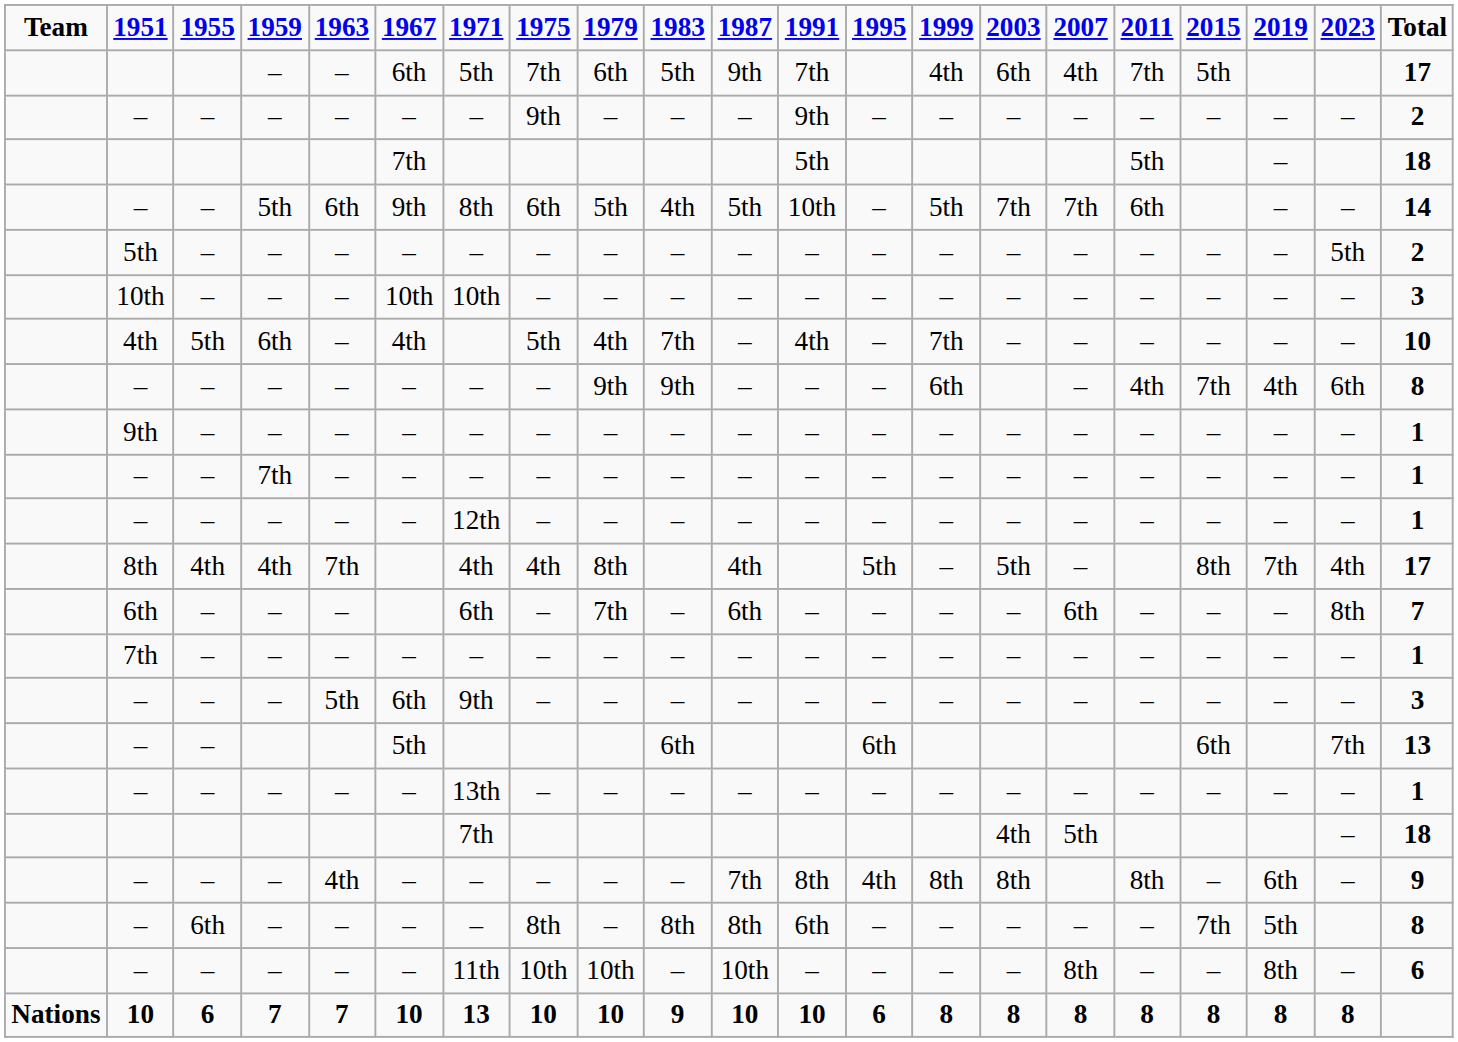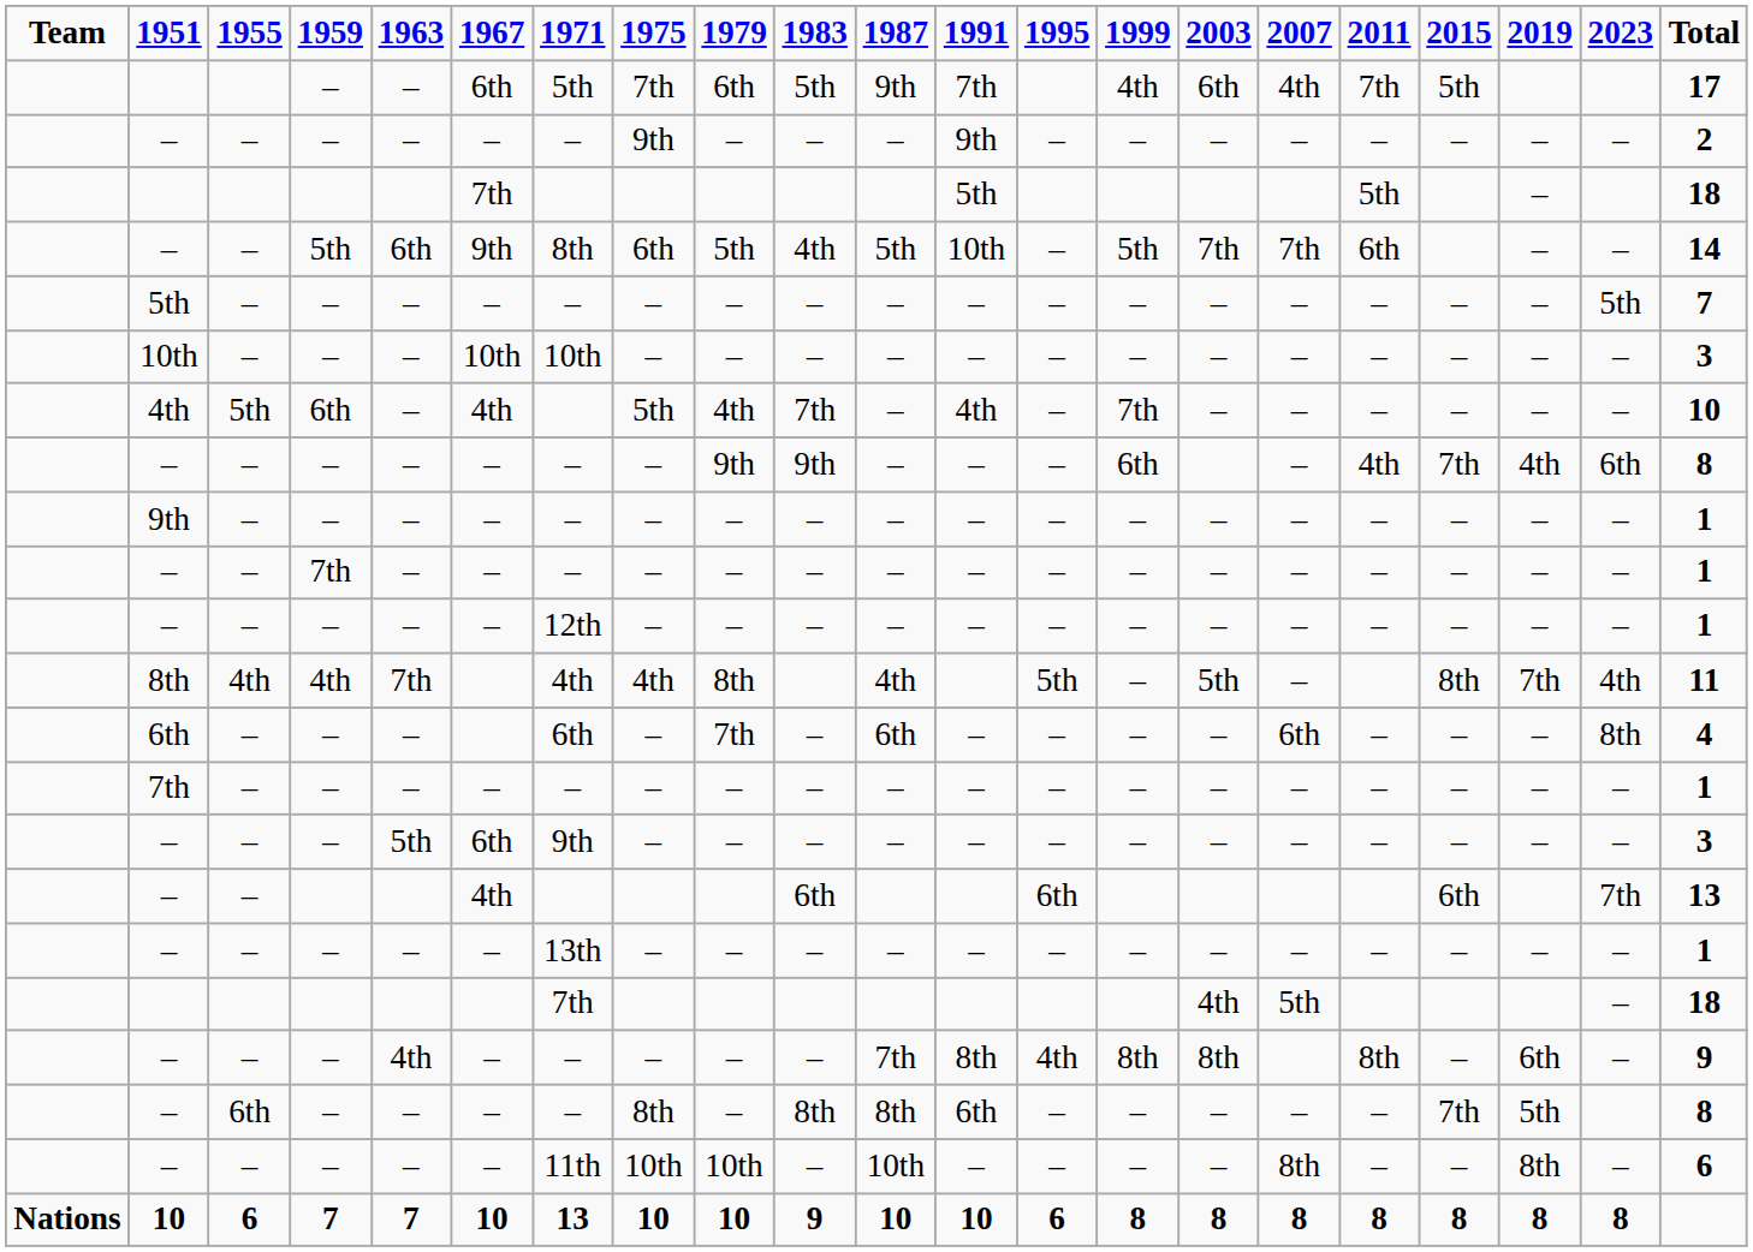 <table class="wikitable" style="text-align:center; font-size:90%">
 <tr bgcolor=>
 <td><strong>Team</strong></td>
 <td><strong> <a href='#'>1951</a></strong></td>
 <td><strong> <a href='#'>1955</a></strong></td>
 <td><strong> <a href='#'>1959</a></strong></td>
 <td><strong> <a href='#'>1963</a></strong></td>
 <td><strong> <a href='#'>1967</a></strong></td>
 <td><strong> <a href='#'>1971</a></strong></td>
 <td><strong> <a href='#'>1975</a></strong></td>
 <td><strong> <a href='#'>1979</a></strong></td>
 <td><strong> <a href='#'>1983</a></strong></td>
 <td><strong> <a href='#'>1987</a></strong></td>
 <td><strong> <a href='#'>1991</a></strong></td>
 <td><strong> <a href='#'>1995</a></strong></td>
 <td><strong> <a href='#'>1999</a></strong></td>
 <td><strong> <a href='#'>2003</a></strong></td>
 <td><strong> <a href='#'>2007</a></strong></td>
 <td><strong> <a href='#'>2011</a></strong></td>
 <td><strong> <a href='#'>2015</a></strong></td>
 <td><strong> <a href='#'>2019</a></strong></td>
 <td><strong> <a href='#'>2023</a></strong></td>
 <td><strong>Total</strong></td>
 </tr>
 <tr>
 <td align=left></td>
 <td></td>
 <td></td>
 <td>–</td>
 <td>–</td>
 <td>6th</td>
 <td>5th</td>
 <td>7th</td>
 <td>6th</td>
 <td>5th</td>
 <td>9th</td>
 <td>7th</td>
 <td></td>
 <td>4th</td>
 <td>6th</td>
 <td>4th</td>
 <td>7th</td>
 <td>5th</td>
 <td></td>
 <td></td>
 <td><strong>17</strong></td>
 </tr>
 <tr>
 <td align=left></td>
 <td>–</td>
 <td>–</td>
 <td>–</td>
 <td>–</td>
 <td>–</td>
 <td>–</td>
 <td>9th</td>
 <td>–</td>
 <td>–</td>
 <td>–</td>
 <td>9th</td>
 <td>–</td>
 <td>–</td>
 <td>–</td>
 <td>–</td>
 <td>–</td>
 <td>–</td>
 <td>–</td>
 <td>–</td>
 <td><strong>2</strong></td>
 </tr>
 <tr>
 <td align=left></td>
 <td></td>
 <td></td>
 <td></td>
 <td></td>
 <td>7th</td>
 <td></td>
 <td></td>
 <td></td>
 <td></td>
 <td></td>
 <td>5th</td>
 <td></td>
 <td></td>
 <td></td>
 <td></td>
 <td>5th</td>
 <td></td>
 <td>–</td>
 <td></td>
 <td><strong>18</strong></td>
 </tr>
 <tr>
 <td align=left></td>
 <td>–</td>
 <td>–</td>
 <td>5th</td>
 <td>6th</td>
 <td>9th</td>
 <td>8th</td>
 <td>6th</td>
 <td>5th</td>
 <td>4th</td>
 <td>5th</td>
 <td>10th</td>
 <td>–</td>
 <td>5th</td>
 <td>7th</td>
 <td>7th</td>
 <td>6th</td>
 <td></td>
 <td>–</td>
 <td>–</td>
 <td><strong>14</strong></td>
 </tr>
 <tr>
 <td align=left></td>
 <td>5th</td>
 <td>–</td>
 <td>–</td>
 <td>–</td>
 <td>–</td>
 <td>–</td>
 <td>–</td>
 <td>–</td>
 <td>–</td>
 <td>–</td>
 <td>–</td>
 <td>–</td>
 <td>–</td>
 <td>–</td>
 <td>–</td>
 <td>–</td>
 <td>–</td>
 <td>–</td>
 <td>5th</td>
-<td><strong>2</strong></td>
+<td><strong>7</strong></td>
 </tr>
 <tr>
 <td align=left></td>
 <td>10th</td>
 <td>–</td>
 <td>–</td>
 <td>–</td>
 <td>10th</td>
 <td>10th</td>
 <td>–</td>
 <td>–</td>
 <td>–</td>
 <td>–</td>
 <td>–</td>
 <td>–</td>
 <td>–</td>
 <td>–</td>
 <td>–</td>
 <td>–</td>
 <td>–</td>
 <td>–</td>
 <td>–</td>
 <td><strong>3</strong></td>
 </tr>
 <tr>
 <td align=left></td>
 <td>4th</td>
 <td>5th</td>
 <td>6th</td>
 <td>–</td>
 <td>4th</td>
 <td></td>
 <td>5th</td>
 <td>4th</td>
 <td>7th</td>
 <td>–</td>
 <td>4th</td>
 <td>–</td>
 <td>7th</td>
 <td>–</td>
 <td>–</td>
 <td>–</td>
 <td>–</td>
 <td>–</td>
 <td>–</td>
 <td><strong>10</strong></td>
 </tr>
 <tr>
 <td align=left></td>
 <td>–</td>
 <td>–</td>
 <td>–</td>
 <td>–</td>
 <td>–</td>
 <td>–</td>
 <td>–</td>
 <td>9th</td>
 <td>9th</td>
 <td>–</td>
 <td>–</td>
 <td>–</td>
 <td>6th</td>
 <td></td>
 <td>–</td>
 <td>4th</td>
 <td>7th</td>
 <td>4th</td>
 <td>6th</td>
 <td><strong>8</strong></td>
 </tr>
 <tr>
 <td align=left></td>
 <td>9th</td>
 <td>–</td>
 <td>–</td>
 <td>–</td>
 <td>–</td>
 <td>–</td>
 <td>–</td>
 <td>–</td>
 <td>–</td>
 <td>–</td>
 <td>–</td>
 <td>–</td>
 <td>–</td>
 <td>–</td>
 <td>–</td>
 <td>–</td>
 <td>–</td>
 <td>–</td>
 <td>–</td>
 <td><strong>1</strong></td>
 </tr>
 <tr>
 <td align=left></td>
 <td>–</td>
 <td>–</td>
 <td>7th</td>
 <td>–</td>
 <td>–</td>
 <td>–</td>
 <td>–</td>
 <td>–</td>
 <td>–</td>
 <td>–</td>
 <td>–</td>
 <td>–</td>
 <td>–</td>
 <td>–</td>
 <td>–</td>
 <td>–</td>
 <td>–</td>
 <td>–</td>
 <td>–</td>
 <td><strong>1</strong></td>
 </tr>
 <tr>
 <td align=left></td>
 <td>–</td>
 <td>–</td>
 <td>–</td>
 <td>–</td>
 <td>–</td>
 <td>12th</td>
 <td>–</td>
 <td>–</td>
 <td>–</td>
 <td>–</td>
 <td>–</td>
 <td>–</td>
 <td>–</td>
 <td>–</td>
 <td>–</td>
 <td>–</td>
 <td>–</td>
 <td>–</td>
 <td>–</td>
 <td><strong>1</strong></td>
 </tr>
 <tr>
 <td align=left></td>
 <td>8th</td>
 <td>4th</td>
 <td>4th</td>
 <td>7th</td>
 <td></td>
 <td>4th</td>
 <td>4th</td>
 <td>8th</td>
 <td></td>
 <td>4th</td>
 <td></td>
 <td>5th</td>
 <td>–</td>
 <td>5th</td>
 <td>–</td>
 <td></td>
 <td>8th</td>
 <td>7th</td>
 <td>4th</td>
-<td><strong>17</strong></td>
+<td><strong>11</strong></td>
 </tr>
 <tr>
 <td align=left></td>
 <td>6th</td>
 <td>–</td>
 <td>–</td>
 <td>–</td>
 <td></td>
 <td>6th</td>
 <td>–</td>
 <td>7th</td>
 <td>–</td>
 <td>6th</td>
 <td>–</td>
 <td>–</td>
 <td>–</td>
 <td>–</td>
 <td>6th</td>
 <td>–</td>
 <td>–</td>
 <td>–</td>
 <td>8th</td>
-<td><strong>7</strong></td>
+<td><strong>4</strong></td>
 </tr>
 <tr>
 <td align=left></td>
 <td>7th</td>
 <td>–</td>
 <td>–</td>
 <td>–</td>
 <td>–</td>
 <td>–</td>
 <td>–</td>
 <td>–</td>
 <td>–</td>
 <td>–</td>
 <td>–</td>
 <td>–</td>
 <td>–</td>
 <td>–</td>
 <td>–</td>
 <td>–</td>
 <td>–</td>
 <td>–</td>
 <td>–</td>
 <td><strong>1</strong></td>
 </tr>
 <tr>
 <td align=left></td>
 <td>–</td>
 <td>–</td>
 <td>–</td>
 <td>5th</td>
 <td>6th</td>
 <td>9th</td>
 <td>–</td>
 <td>–</td>
 <td>–</td>
 <td>–</td>
 <td>–</td>
 <td>–</td>
 <td>–</td>
 <td>–</td>
 <td>–</td>
 <td>–</td>
 <td>–</td>
 <td>–</td>
 <td>–</td>
 <td><strong>3</strong></td>
 </tr>
 <tr>
 <td align=left></td>
 <td>–</td>
 <td>–</td>
 <td></td>
 <td></td>
-<td>5th</td>
+<td>4th</td>
 <td></td>
 <td></td>
 <td></td>
 <td>6th</td>
 <td></td>
 <td></td>
 <td>6th</td>
 <td></td>
 <td></td>
 <td></td>
 <td></td>
 <td>6th</td>
 <td></td>
 <td>7th</td>
 <td><strong>13</strong></td>
 </tr>
 <tr>
 <td align=left></td>
 <td>–</td>
 <td>–</td>
 <td>–</td>
 <td>–</td>
 <td>–</td>
 <td>13th</td>
 <td>–</td>
 <td>–</td>
 <td>–</td>
 <td>–</td>
 <td>–</td>
 <td>–</td>
 <td>–</td>
 <td>–</td>
 <td>–</td>
 <td>–</td>
 <td>–</td>
 <td>–</td>
 <td>–</td>
 <td><strong>1</strong></td>
 </tr>
 <tr>
 <td align=left></td>
 <td></td>
 <td></td>
 <td></td>
 <td></td>
 <td></td>
 <td>7th</td>
 <td></td>
 <td></td>
 <td></td>
 <td></td>
 <td></td>
 <td></td>
 <td></td>
 <td>4th</td>
 <td>5th</td>
 <td></td>
 <td></td>
 <td></td>
 <td>–</td>
 <td><strong>18</strong></td>
 </tr>
 <tr>
 <td align=left></td>
 <td>–</td>
 <td>–</td>
 <td>–</td>
 <td>4th</td>
 <td>–</td>
 <td>–</td>
 <td>–</td>
 <td>–</td>
 <td>–</td>
 <td>7th</td>
 <td>8th</td>
 <td>4th</td>
 <td>8th</td>
 <td>8th</td>
 <td></td>
 <td>8th</td>
 <td>–</td>
 <td>6th</td>
 <td>–</td>
 <td><strong>9</strong></td>
 </tr>
 <tr>
 <td align=left></td>
 <td>–</td>
 <td>6th</td>
 <td>–</td>
 <td>–</td>
 <td>–</td>
 <td>–</td>
 <td>8th</td>
 <td>–</td>
 <td>8th</td>
 <td>8th</td>
 <td>6th</td>
 <td>–</td>
 <td>–</td>
 <td>–</td>
 <td>–</td>
 <td>–</td>
 <td>7th</td>
 <td>5th</td>
 <td></td>
 <td><strong>8</strong></td>
 </tr>
 <tr>
 <td align=left></td>
 <td>–</td>
 <td>–</td>
 <td>–</td>
 <td>–</td>
 <td>–</td>
 <td>11th</td>
 <td>10th</td>
 <td>10th</td>
 <td>–</td>
 <td>10th</td>
 <td>–</td>
 <td>–</td>
 <td>–</td>
 <td>–</td>
 <td>8th</td>
 <td>–</td>
 <td>–</td>
 <td>8th</td>
 <td>–</td>
 <td><strong>6</strong></td>
 </tr>
 <tr>
 <td><strong>Nations</strong></td>
 <td><strong>10</strong></td>
 <td><strong>6</strong></td>
 <td><strong>7</strong></td>
 <td><strong>7</strong></td>
 <td><strong>10</strong></td>
 <td><strong>13</strong></td>
 <td><strong>10</strong></td>
 <td><strong>10</strong></td>
 <td><strong>9</strong></td>
 <td><strong>10</strong></td>
 <td><strong>10</strong></td>
 <td><strong>6</strong></td>
 <td><strong>8</strong></td>
 <td><strong>8</strong></td>
 <td><strong>8</strong></td>
 <td><strong>8</strong></td>
 <td><strong>8</strong></td>
 <td><strong>8</strong></td>
 <td><strong>8</strong></td>
 <td></td>
 </tr>
 </table>
